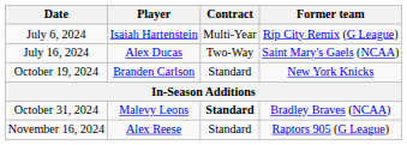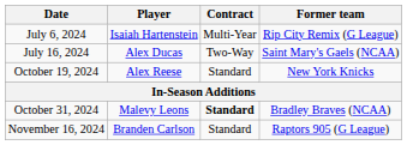 <table class="wikitable" style="text-align: center">
 <tr>
 <th>Date</th>
 <th>Player</th>
 <th>Contract</th>
 <th>Former team</th>
 </tr>
 <tr style="text-align: center">
 <td>July 6, 2024</td>
 <td><a href='#'>Isaiah Hartenstein</a></td>
 <td>Multi-Year</td>
 <td><a href='#'>Rip City Remix</a> (<a href='#'>G League</a>)</td>
 </tr>
 <tr style="text-align: center">
 <td>July 16, 2024</td>
 <td><a href='#'>Alex Ducas</a></td>
 <td>Two-Way</td>
 <td> <a href='#'>Saint Mary's Gaels</a> (<a href='#'>NCAA</a>)</td>
 </tr>
 <tr style="text-align: center">
 <td>October 19, 2024</td>
-<td><a href='#'>Branden Carlson</a></td>
+<td><a href='#'>Alex Reese</a></td>
 <td>Standard</td>
 <td><a href='#'>New York Knicks</a></td>
 </tr>
 <tr>
 <th scope="row" colspan="6" style="text-align:center;”">In-Season Additions</th>
 </tr>
 <tr style="text-align: center">
 <td>October 31, 2024</td>
 <td><a href='#'>Malevy Leons</a></td>
 <td><strong>Standard</strong></td>
 <td> <a href='#'>Bradley Braves</a> (<a href='#'>NCAA</a>)</td>
 </tr>
 <tr style="text-align: center">
 <td>November 16, 2024</td>
-<td><a href='#'>Alex Reese</a></td>
+<td><a href='#'>Branden Carlson</a></td>
 <td>Standard</td>
 <td><a href='#'>Raptors 905</a> (<a href='#'>G League</a>)</td>
 </tr>
 </table>
